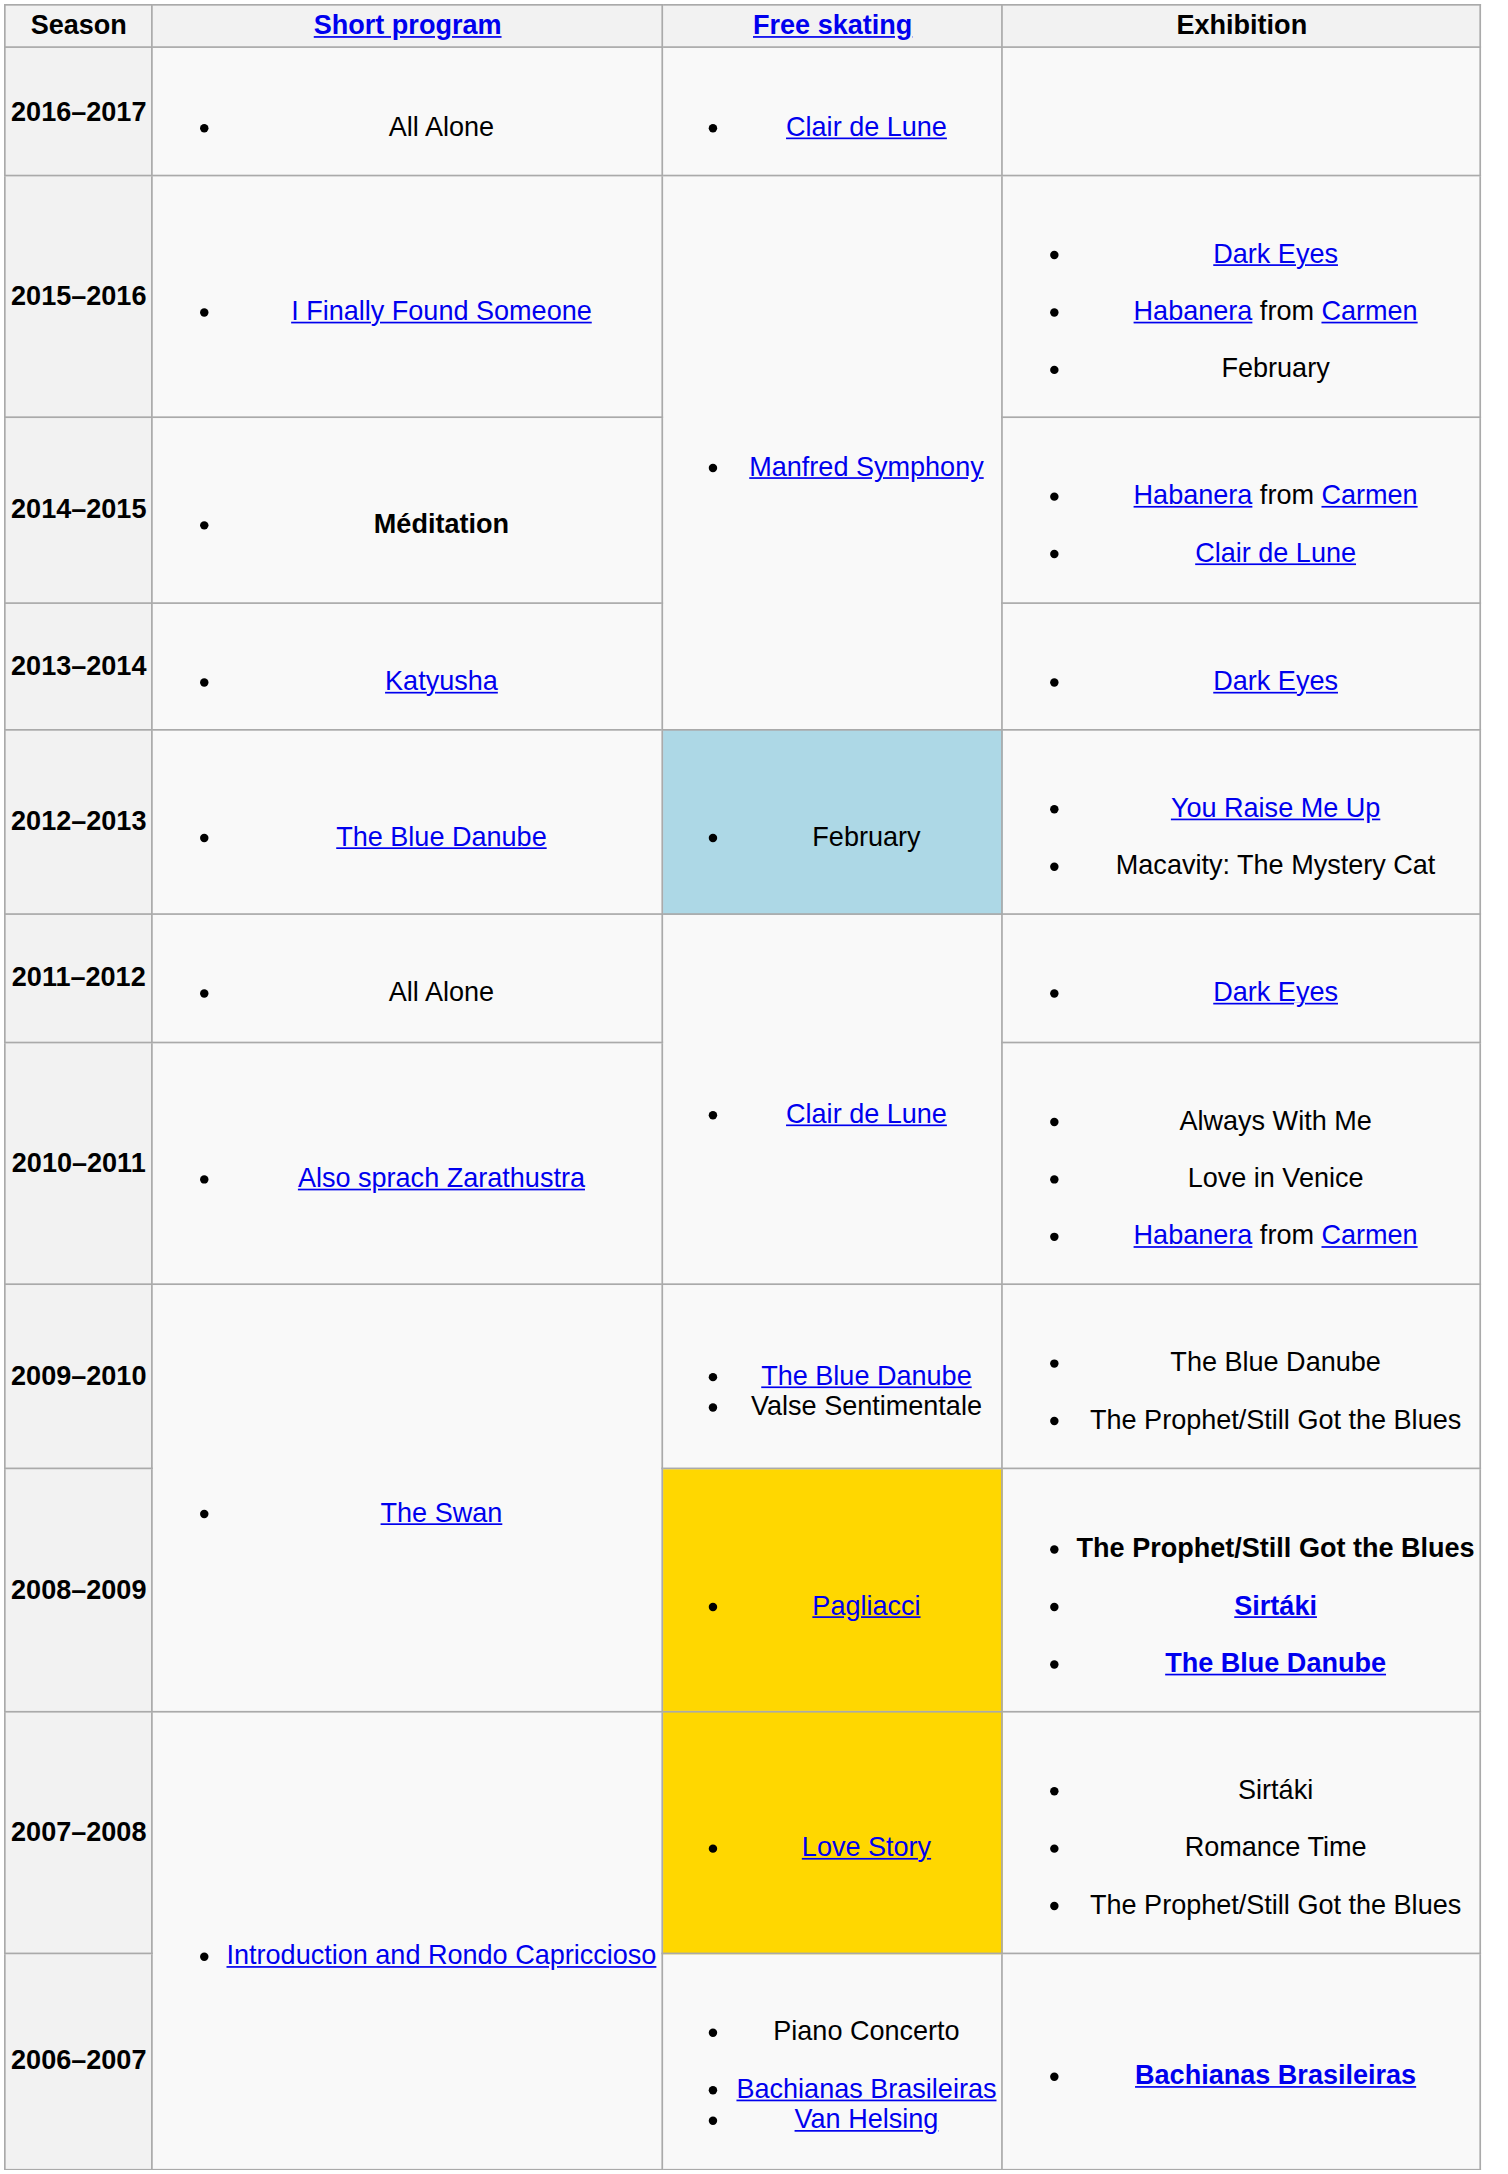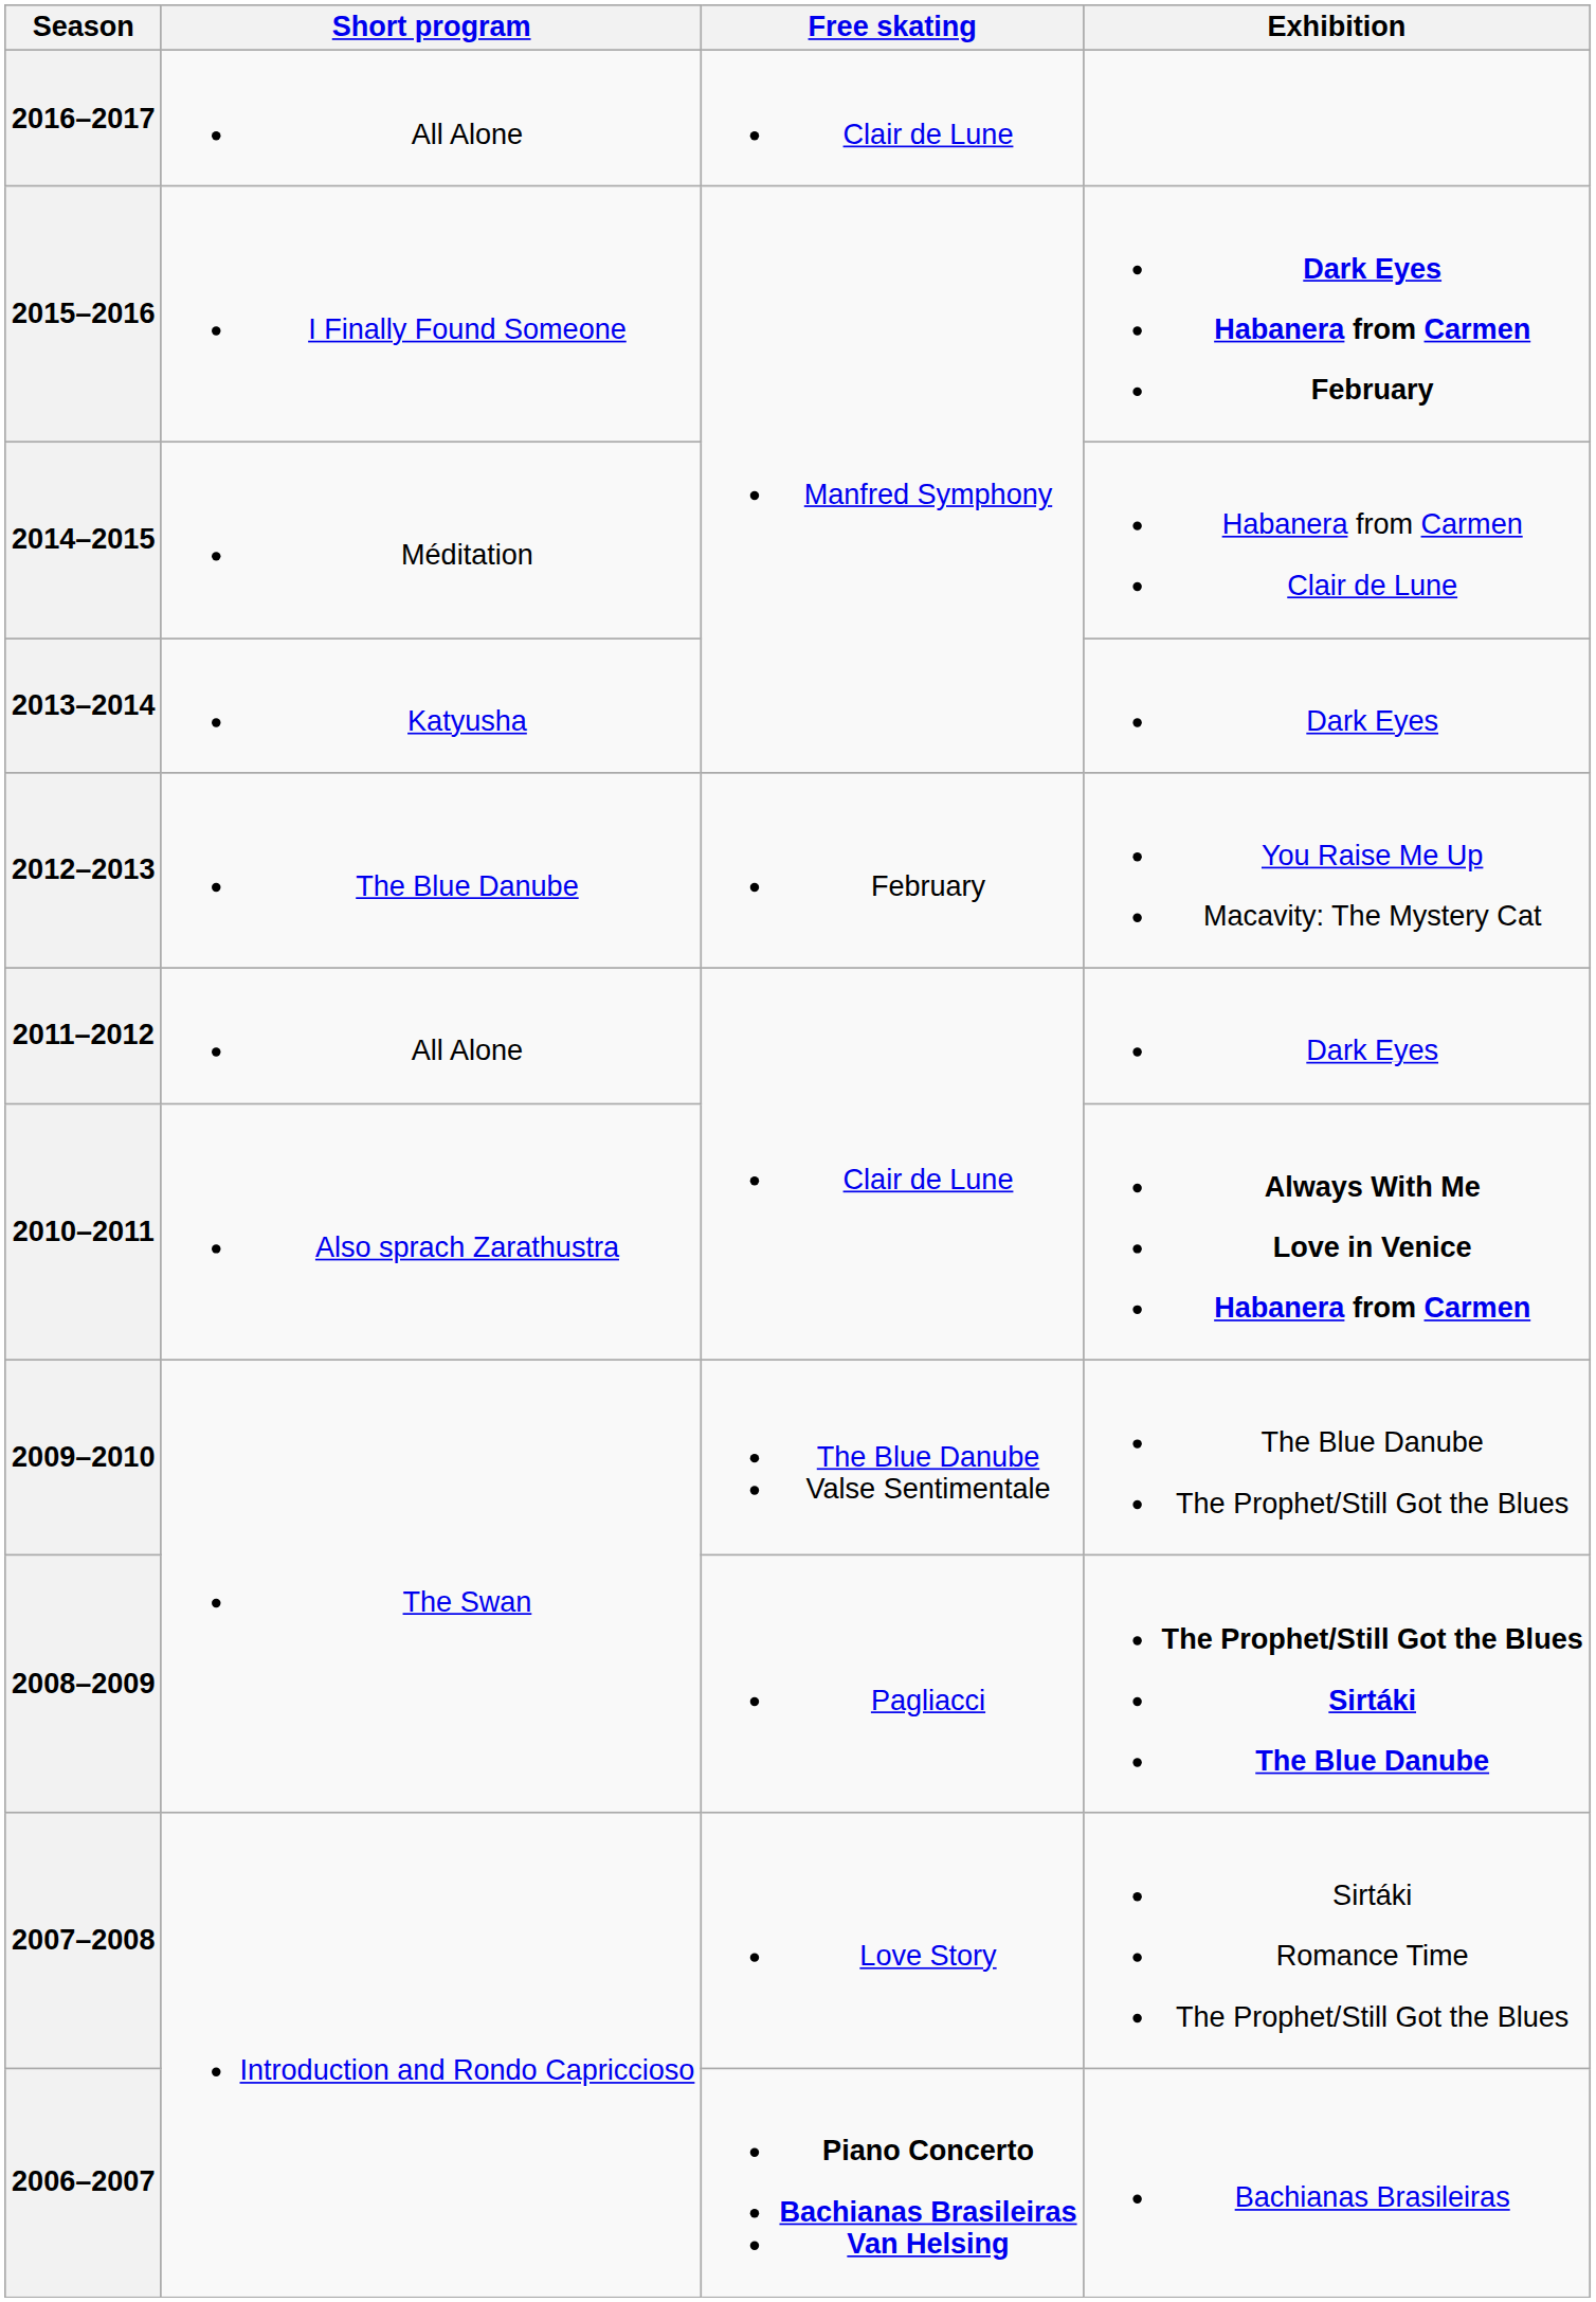 <table class="wikitable" style="text-align:center">
 <tr>
 <th>Season</th>
 <th><a href='#'>Short program</a></th>
 <th><a href='#'>Free skating</a></th>
 <th>Exhibition</th>
 </tr>
 <tr>
 <th>2016–2017 <br></th>
 <td><br><ul><li>All Alone <br> </li></ul></td>
 <td><br><ul><li><a href='#'>Clair de Lune</a> <br> </li></ul></td>
 <td></td>
 </tr>
 <tr>
 <th>2015–2016 <br> </th>
 <td><br><ul><li><a href='#'>I Finally Found Someone</a> <br></li></ul></td>
 <td rowspan=3><br><ul><li><a href='#'>Manfred Symphony</a> <br></li></ul></td>
-<td><br><ul><li><a href='#'>Dark Eyes</a> <br></li></ul><ul><li><a href='#'>Habanera</a> from <a href='#'>Carmen</a> <br></li></ul><ul><li>February <br></li></ul></td>
+<td><strong><br><ul><li><a href='#'>Dark Eyes</a> <br></li></ul><ul><li><a href='#'>Habanera</a> from <a href='#'>Carmen</a> <br></li></ul><ul><li>February <br></li></ul></strong></td>
 </tr>
 <tr>
 <th>2014–2015 <br> </th>
-<td><strong><br><ul><li>Méditation <br></li></ul></strong></td>
+<td><br><ul><li>Méditation <br></li></ul></td>
 <td><br><ul><li><a href='#'>Habanera</a> from <a href='#'>Carmen</a> <br></li></ul><ul><li><a href='#'>Clair de Lune</a> <br></li></ul></td>
 </tr>
 <tr>
 <th>2013–2014 <br> </th>
 <td><br><ul><li><a href='#'>Katyusha</a> <br></li></ul></td>
 <td><br><ul><li><a href='#'>Dark Eyes</a> <br></li></ul></td>
 </tr>
 <tr>
 <th>2012–2013 <br> </th>
 <td><br><ul><li><a href='#'>The Blue Danube</a> <br></li></ul></td>
-<td style="background: lightblue;"><br><ul><li>February <br></li></ul></td>
+<td><br><ul><li>February <br></li></ul></td>
 <td><br><ul><li><a href='#'>You Raise Me Up</a> <br></li></ul><ul><li>Macavity: The Mystery Cat <br></li></ul></td>
 </tr>
 <tr>
 <th>2011–2012 <br> </th>
 <td><br><ul><li>All Alone <br></li></ul></td>
 <td rowspan=2><br><ul><li><a href='#'>Clair de Lune</a> <br></li></ul></td>
 <td><br><ul><li><a href='#'>Dark Eyes</a> <br></li></ul></td>
 </tr>
 <tr>
 <th>2010–2011 <br> </th>
 <td><br><ul><li><a href='#'>Also sprach Zarathustra</a> <br></li></ul></td>
-<td><br><ul><li>Always With Me <br></li></ul><ul><li>Love in Venice <br></li></ul><ul><li><a href='#'>Habanera</a> from <a href='#'>Carmen</a> <br></li></ul></td>
+<td><strong><br><ul><li>Always With Me <br></li></ul><ul><li>Love in Venice <br></li></ul><ul><li><a href='#'>Habanera</a> from <a href='#'>Carmen</a> <br></li></ul></strong></td>
 </tr>
 <tr>
 <th>2009–2010 <br> </th>
 <td rowspan=2><br><ul><li><a href='#'>The Swan</a> <br></li></ul></td>
 <td><br><ul><li><a href='#'>The Blue Danube</a> <br></li><li>Valse Sentimentale <br></li></ul></td>
 <td><br><ul><li>The Blue Danube <br></li></ul><ul><li>The Prophet/Still Got the Blues <br></li></ul></td>
 </tr>
 <tr>
 <th>2008–2009 <br> </th>
-<td style="background: gold;"><br><ul><li><a href='#'>Pagliacci</a> <br></li></ul></td>
+<td><br><ul><li><a href='#'>Pagliacci</a> <br></li></ul></td>
 <td><strong><br><ul><li>The Prophet/Still Got the Blues <br></li></ul><ul><li><a href='#'>Sirtáki</a> <br></li></ul><ul><li><a href='#'>The Blue Danube</a> <br></li></ul></strong></td>
 </tr>
 <tr>
 <th>2007–2008 <br> </th>
 <td rowspan=2><br><ul><li><a href='#'>Introduction and Rondo Capriccioso</a> <br></li></ul></td>
-<td style="background: gold;"><br><ul><li><a href='#'>Love Story</a> <br></li></ul></td>
+<td><br><ul><li><a href='#'>Love Story</a> <br></li></ul></td>
 <td><br><ul><li>Sirtáki <br></li></ul><ul><li>Romance Time <br></li></ul><ul><li>The Prophet/Still Got the Blues <br></li></ul></td>
 </tr>
 <tr>
 <th>2006–2007 <br> </th>
-<td><br><ul><li>Piano Concerto <br></li></ul><ul><li><a href='#'>Bachianas Brasileiras</a> <br></li><li><a href='#'>Van Helsing</a> <br></li></ul></td>
-<td><strong><br><ul><li><a href='#'>Bachianas Brasileiras</a> <br></li></ul></strong></td>
+<td><strong><br><ul><li>Piano Concerto <br></li></ul><ul><li><a href='#'>Bachianas Brasileiras</a> <br></li><li><a href='#'>Van Helsing</a> <br></li></ul></strong></td>
+<td><br><ul><li><a href='#'>Bachianas Brasileiras</a> <br></li></ul></td>
 </tr>
 </table>
